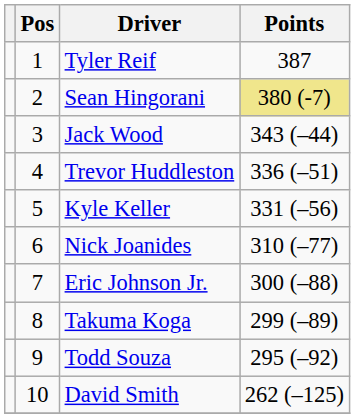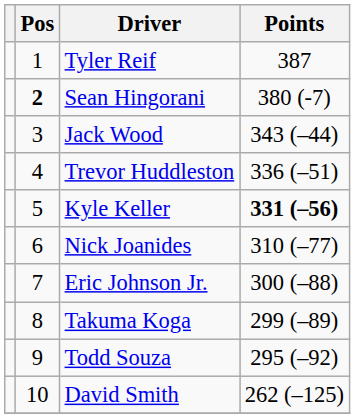 <table class="wikitable" style="font-size: 95%;">
 <tr>
 <th></th>
 <th>Pos</th>
 <th>Driver</th>
 <th>Points</th>
 </tr>
 <tr>
 <td align="left"></td>
 <td style="text-align:center;">1</td>
 <td><a href='#'>Tyler Reif</a></td>
 <td style="text-align:center;">387</td>
 </tr>
 <tr>
 <td align="left"></td>
-<td style="text-align:center;">2</td>
+<td style="text-align:center;"><strong>2</strong></td>
 <td><a href='#'>Sean Hingorani</a></td>
-<td style="background: khaki; text-align:center;">380 (-7)</td>
+<td style="text-align:center;">380 (-7)</td>
 </tr>
 <tr>
 <td align="left"></td>
 <td style="text-align:center;">3</td>
 <td><a href='#'>Jack Wood</a></td>
 <td style="text-align:center;">343 (–44)</td>
 </tr>
 <tr>
 <td align="left"></td>
 <td style="text-align:center;">4</td>
 <td><a href='#'>Trevor Huddleston</a></td>
 <td style="text-align:center;">336 (–51)</td>
 </tr>
 <tr>
 <td align="left"></td>
 <td style="text-align:center;">5</td>
 <td><a href='#'>Kyle Keller</a></td>
-<td style="text-align:center;">331 (–56)</td>
+<td style="text-align:center;"><strong>331 (–56)</strong></td>
 </tr>
 <tr>
 <td align="left"></td>
 <td style="text-align:center;">6</td>
 <td><a href='#'>Nick Joanides</a></td>
 <td style="text-align:center;">310 (–77)</td>
 </tr>
 <tr>
 <td align="left"></td>
 <td style="text-align:center;">7</td>
 <td><a href='#'>Eric Johnson Jr.</a></td>
 <td style="text-align:center;">300 (–88)</td>
 </tr>
 <tr>
 <td align="left"></td>
 <td style="text-align:center;">8</td>
 <td><a href='#'>Takuma Koga</a></td>
 <td style="text-align:center;">299 (–89)</td>
 </tr>
 <tr>
 <td align="left"></td>
 <td style="text-align:center;">9</td>
 <td><a href='#'>Todd Souza</a></td>
 <td style="text-align:center;">295 (–92)</td>
 </tr>
 <tr>
 <td align="left"></td>
 <td style="text-align:center;">10</td>
 <td><a href='#'>David Smith</a></td>
 <td style="text-align:center;">262 (–125)</td>
 </tr>
 <tr class="sortbottom">
 </tr>
 </table>
